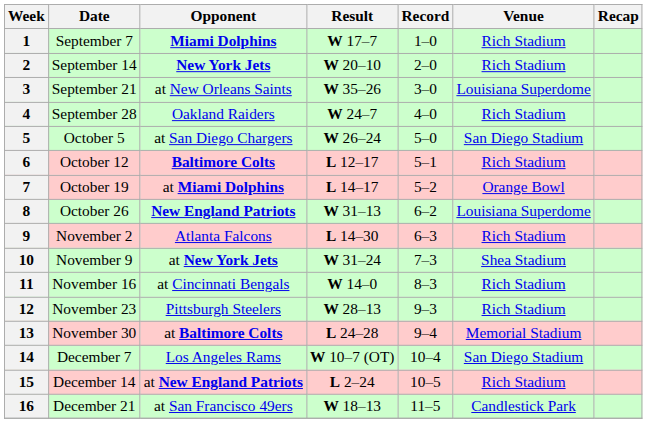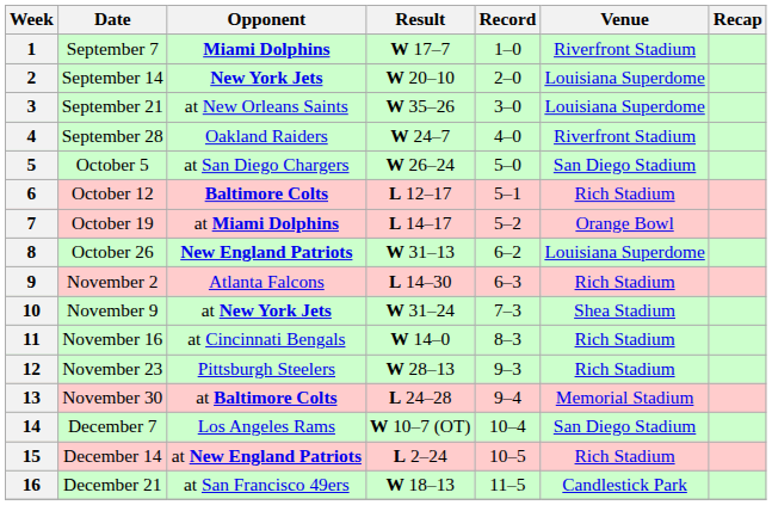 <table class="wikitable" style="text-align:center">
 <tr>
 <th>Week</th>
 <th>Date</th>
 <th>Opponent</th>
 <th>Result</th>
 <th>Record</th>
 <th>Venue</th>
 <th>Recap</th>
 </tr>
 <tr align="center" bgcolor="ccffcc">
 <th>1</th>
 <td>September 7</td>
 <td><strong><a href='#'>Miami Dolphins</a></strong></td>
 <td><strong>W</strong> 17–7</td>
 <td>1–0</td>
-<td><a href='#'>Rich Stadium</a></td>
+<td><a href='#'>Riverfront Stadium</a></td>
 <td></td>
 </tr>
 <tr align="center" bgcolor="ccffcc">
 <th>2</th>
 <td>September 14</td>
 <td><strong><a href='#'>New York Jets</a></strong></td>
 <td><strong>W</strong> 20–10</td>
 <td>2–0</td>
-<td><a href='#'>Rich Stadium</a></td>
+<td><a href='#'>Louisiana Superdome</a></td>
 <td></td>
 </tr>
 <tr align="center" bgcolor="ccffcc">
 <th>3</th>
 <td>September 21</td>
 <td>at <a href='#'>New Orleans Saints</a></td>
 <td><strong>W</strong> 35–26</td>
 <td>3–0</td>
 <td><a href='#'>Louisiana Superdome</a></td>
 <td></td>
 </tr>
 <tr align="center" bgcolor="ccffcc">
 <th>4</th>
 <td>September 28</td>
 <td><a href='#'>Oakland Raiders</a></td>
 <td><strong>W</strong> 24–7</td>
 <td>4–0</td>
-<td><a href='#'>Rich Stadium</a></td>
+<td><a href='#'>Riverfront Stadium</a></td>
 <td></td>
 </tr>
 <tr align="center" bgcolor="ccffcc">
 <th>5</th>
 <td>October 5</td>
 <td>at <a href='#'>San Diego Chargers</a></td>
 <td><strong>W</strong> 26–24</td>
 <td>5–0</td>
 <td><a href='#'>San Diego Stadium</a></td>
 <td></td>
 </tr>
 <tr align="center" bgcolor="ffcccc">
 <th>6</th>
 <td>October 12</td>
 <td><strong><a href='#'>Baltimore Colts</a></strong></td>
 <td><strong>L</strong> 12–17</td>
 <td>5–1</td>
 <td><a href='#'>Rich Stadium</a></td>
 <td></td>
 </tr>
 <tr align="center" bgcolor="ffcccc">
 <th>7</th>
 <td>October 19</td>
 <td>at <strong><a href='#'>Miami Dolphins</a></strong></td>
 <td><strong>L</strong> 14–17</td>
 <td>5–2</td>
 <td><a href='#'>Orange Bowl</a></td>
 <td></td>
 </tr>
 <tr align="center" bgcolor="ccffcc">
 <th>8</th>
 <td>October 26</td>
 <td><strong><a href='#'>New England Patriots</a></strong></td>
 <td><strong>W</strong> 31–13</td>
 <td>6–2</td>
 <td><a href='#'>Louisiana Superdome</a></td>
 <td></td>
 </tr>
 <tr align="center" bgcolor="ffcccc">
 <th>9</th>
 <td>November 2</td>
 <td><a href='#'>Atlanta Falcons</a></td>
 <td><strong>L</strong> 14–30</td>
 <td>6–3</td>
 <td><a href='#'>Rich Stadium</a></td>
 <td></td>
 </tr>
 <tr align="center" bgcolor="ccffcc">
 <th>10</th>
 <td>November 9</td>
 <td>at <strong><a href='#'>New York Jets</a></strong></td>
 <td><strong>W</strong> 31–24</td>
 <td>7–3</td>
 <td><a href='#'>Shea Stadium</a></td>
 <td></td>
 </tr>
 <tr align="center" bgcolor="ccffcc">
 <th>11</th>
 <td>November 16</td>
 <td>at <a href='#'>Cincinnati Bengals</a></td>
 <td><strong>W</strong> 14–0</td>
 <td>8–3</td>
 <td><a href='#'>Rich Stadium</a></td>
 <td></td>
 </tr>
 <tr align="center" bgcolor="ccffcc">
 <th>12</th>
 <td>November 23</td>
 <td><a href='#'>Pittsburgh Steelers</a></td>
 <td><strong>W</strong> 28–13</td>
 <td>9–3</td>
 <td><a href='#'>Rich Stadium</a></td>
 <td></td>
 </tr>
 <tr align="center" bgcolor="ffcccc">
 <th>13</th>
 <td>November 30</td>
 <td>at <strong><a href='#'>Baltimore Colts</a></strong></td>
 <td><strong>L</strong> 24–28</td>
 <td>9–4</td>
 <td><a href='#'>Memorial Stadium</a></td>
 <td></td>
 </tr>
 <tr align="center" bgcolor="ccffcc">
 <th>14</th>
 <td>December 7</td>
 <td><a href='#'>Los Angeles Rams</a></td>
 <td><strong>W</strong> 10–7 (OT)</td>
 <td>10–4</td>
 <td><a href='#'>San Diego Stadium</a></td>
 <td></td>
 </tr>
 <tr align="center" bgcolor="ffcccc">
 <th>15</th>
 <td>December 14</td>
 <td>at <strong><a href='#'>New England Patriots</a></strong></td>
 <td><strong>L</strong> 2–24</td>
 <td>10–5</td>
 <td><a href='#'>Rich Stadium</a></td>
 <td></td>
 </tr>
 <tr align="center" bgcolor="ccffcc">
 <th>16</th>
 <td>December 21</td>
 <td>at <a href='#'>San Francisco 49ers</a></td>
 <td><strong>W</strong> 18–13</td>
 <td>11–5</td>
 <td><a href='#'>Candlestick Park</a></td>
 <td></td>
 </tr>
 <tr align="center" bgcolor="">
 </tr>
 </table>
